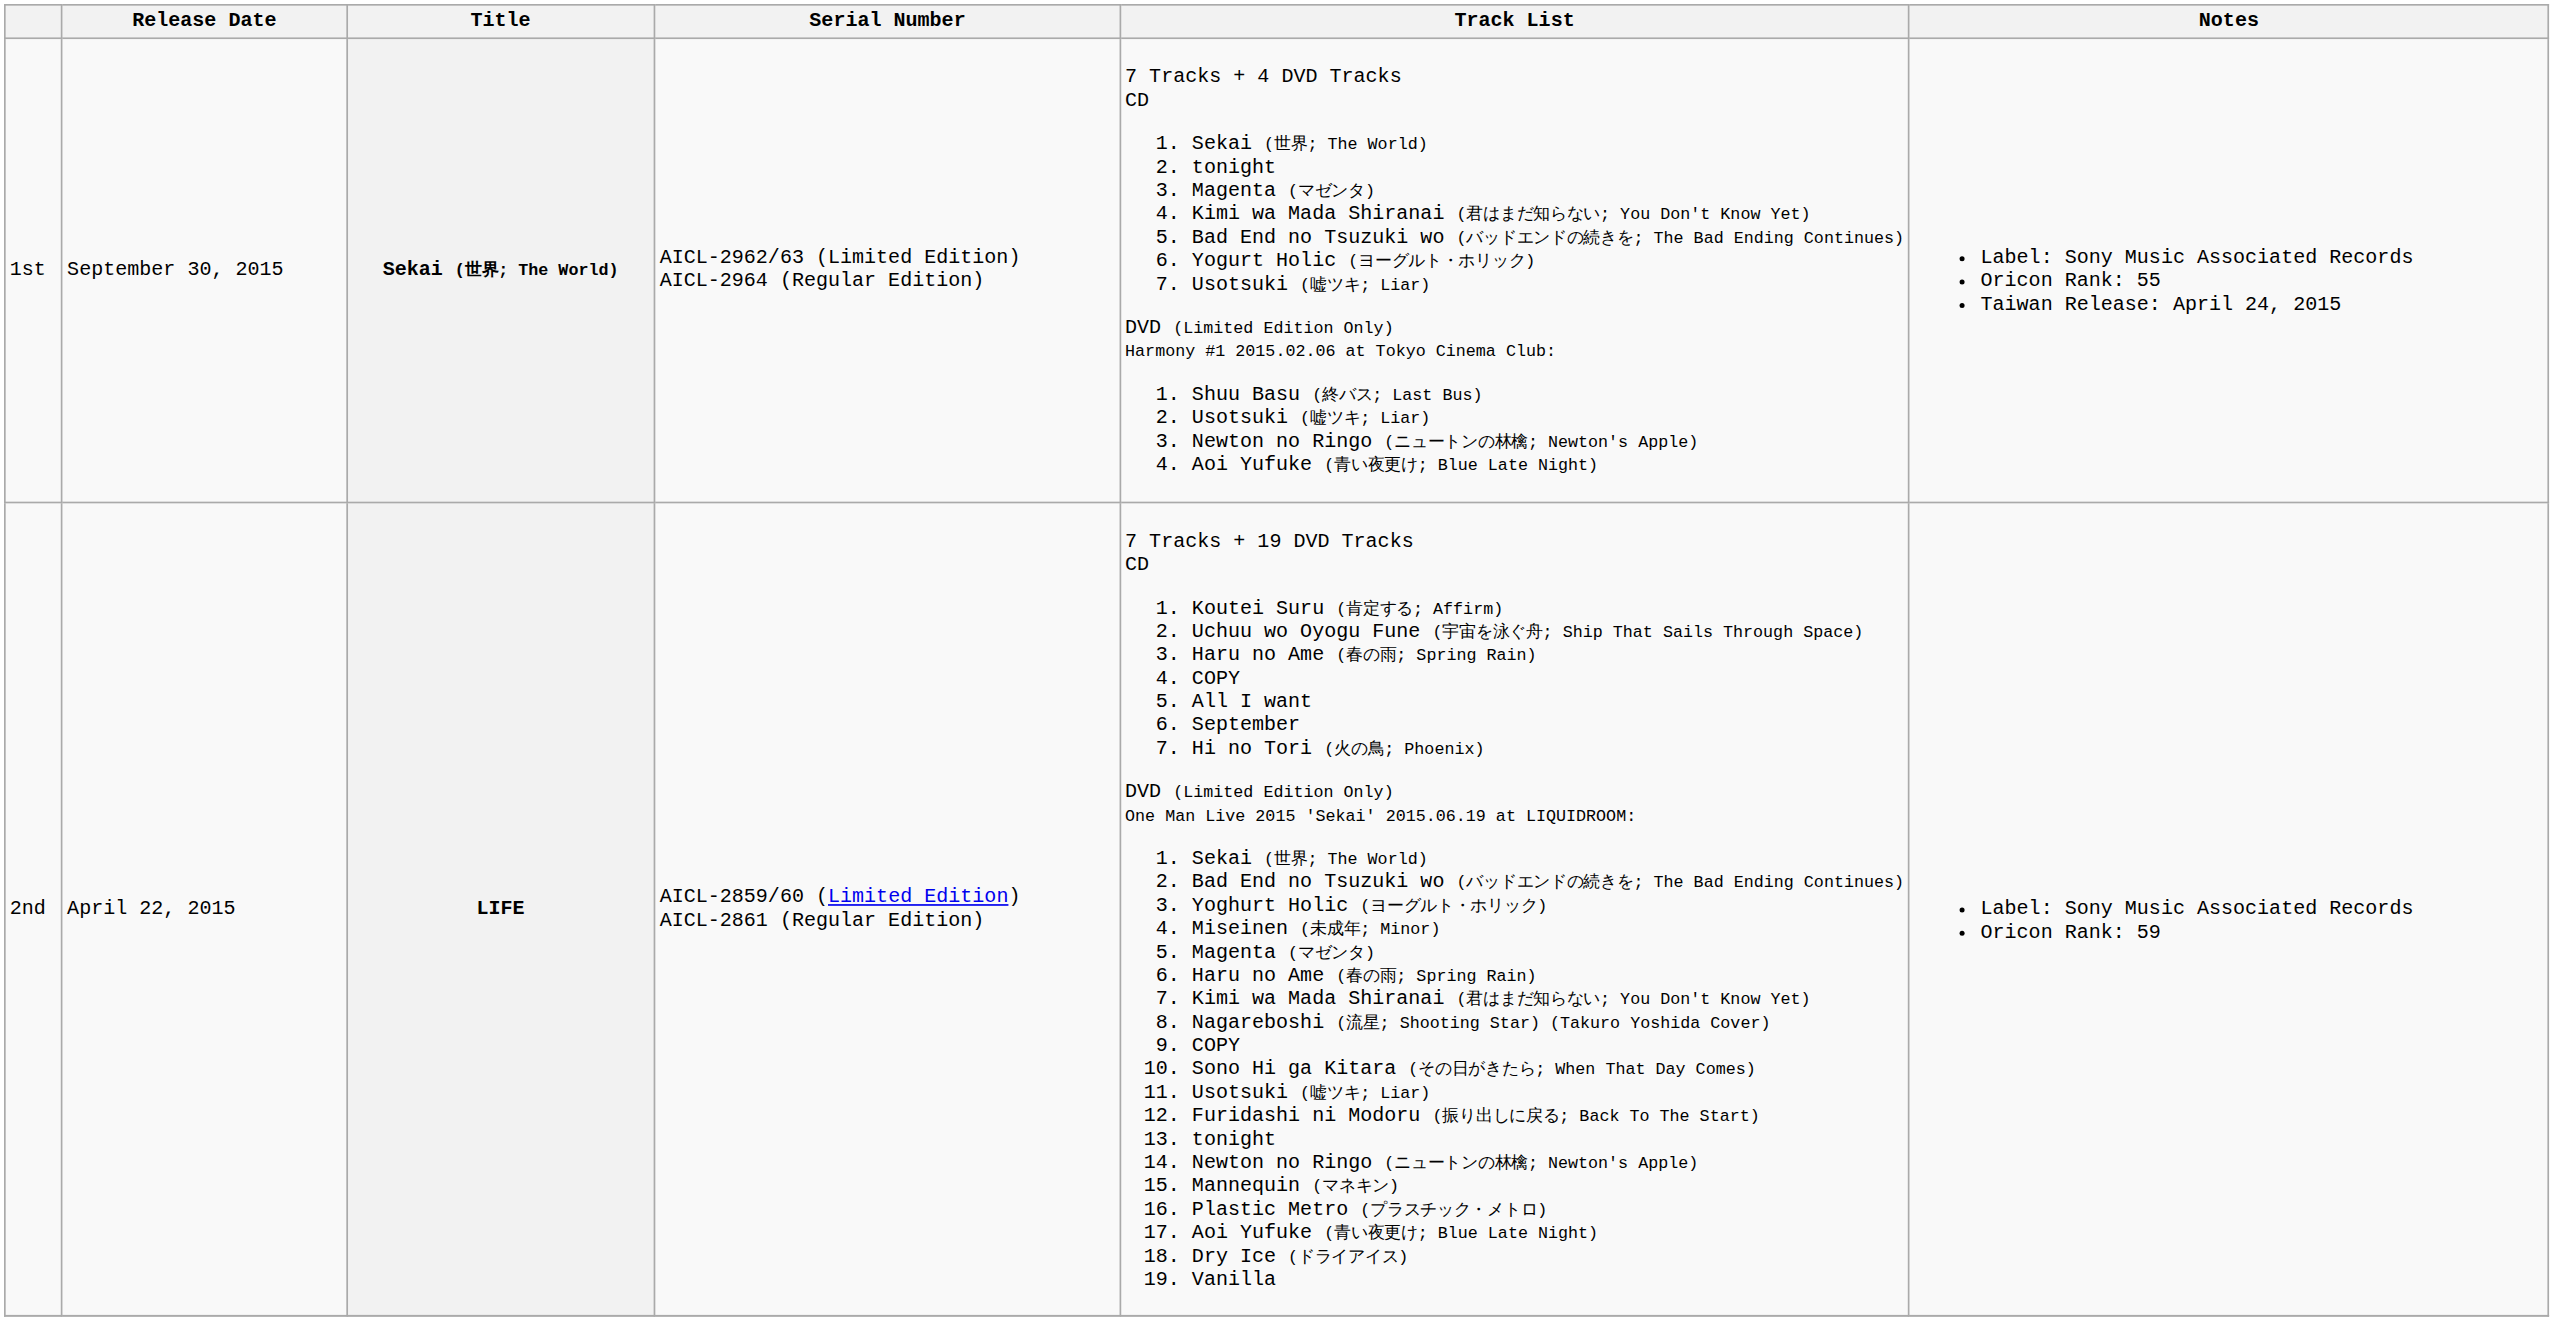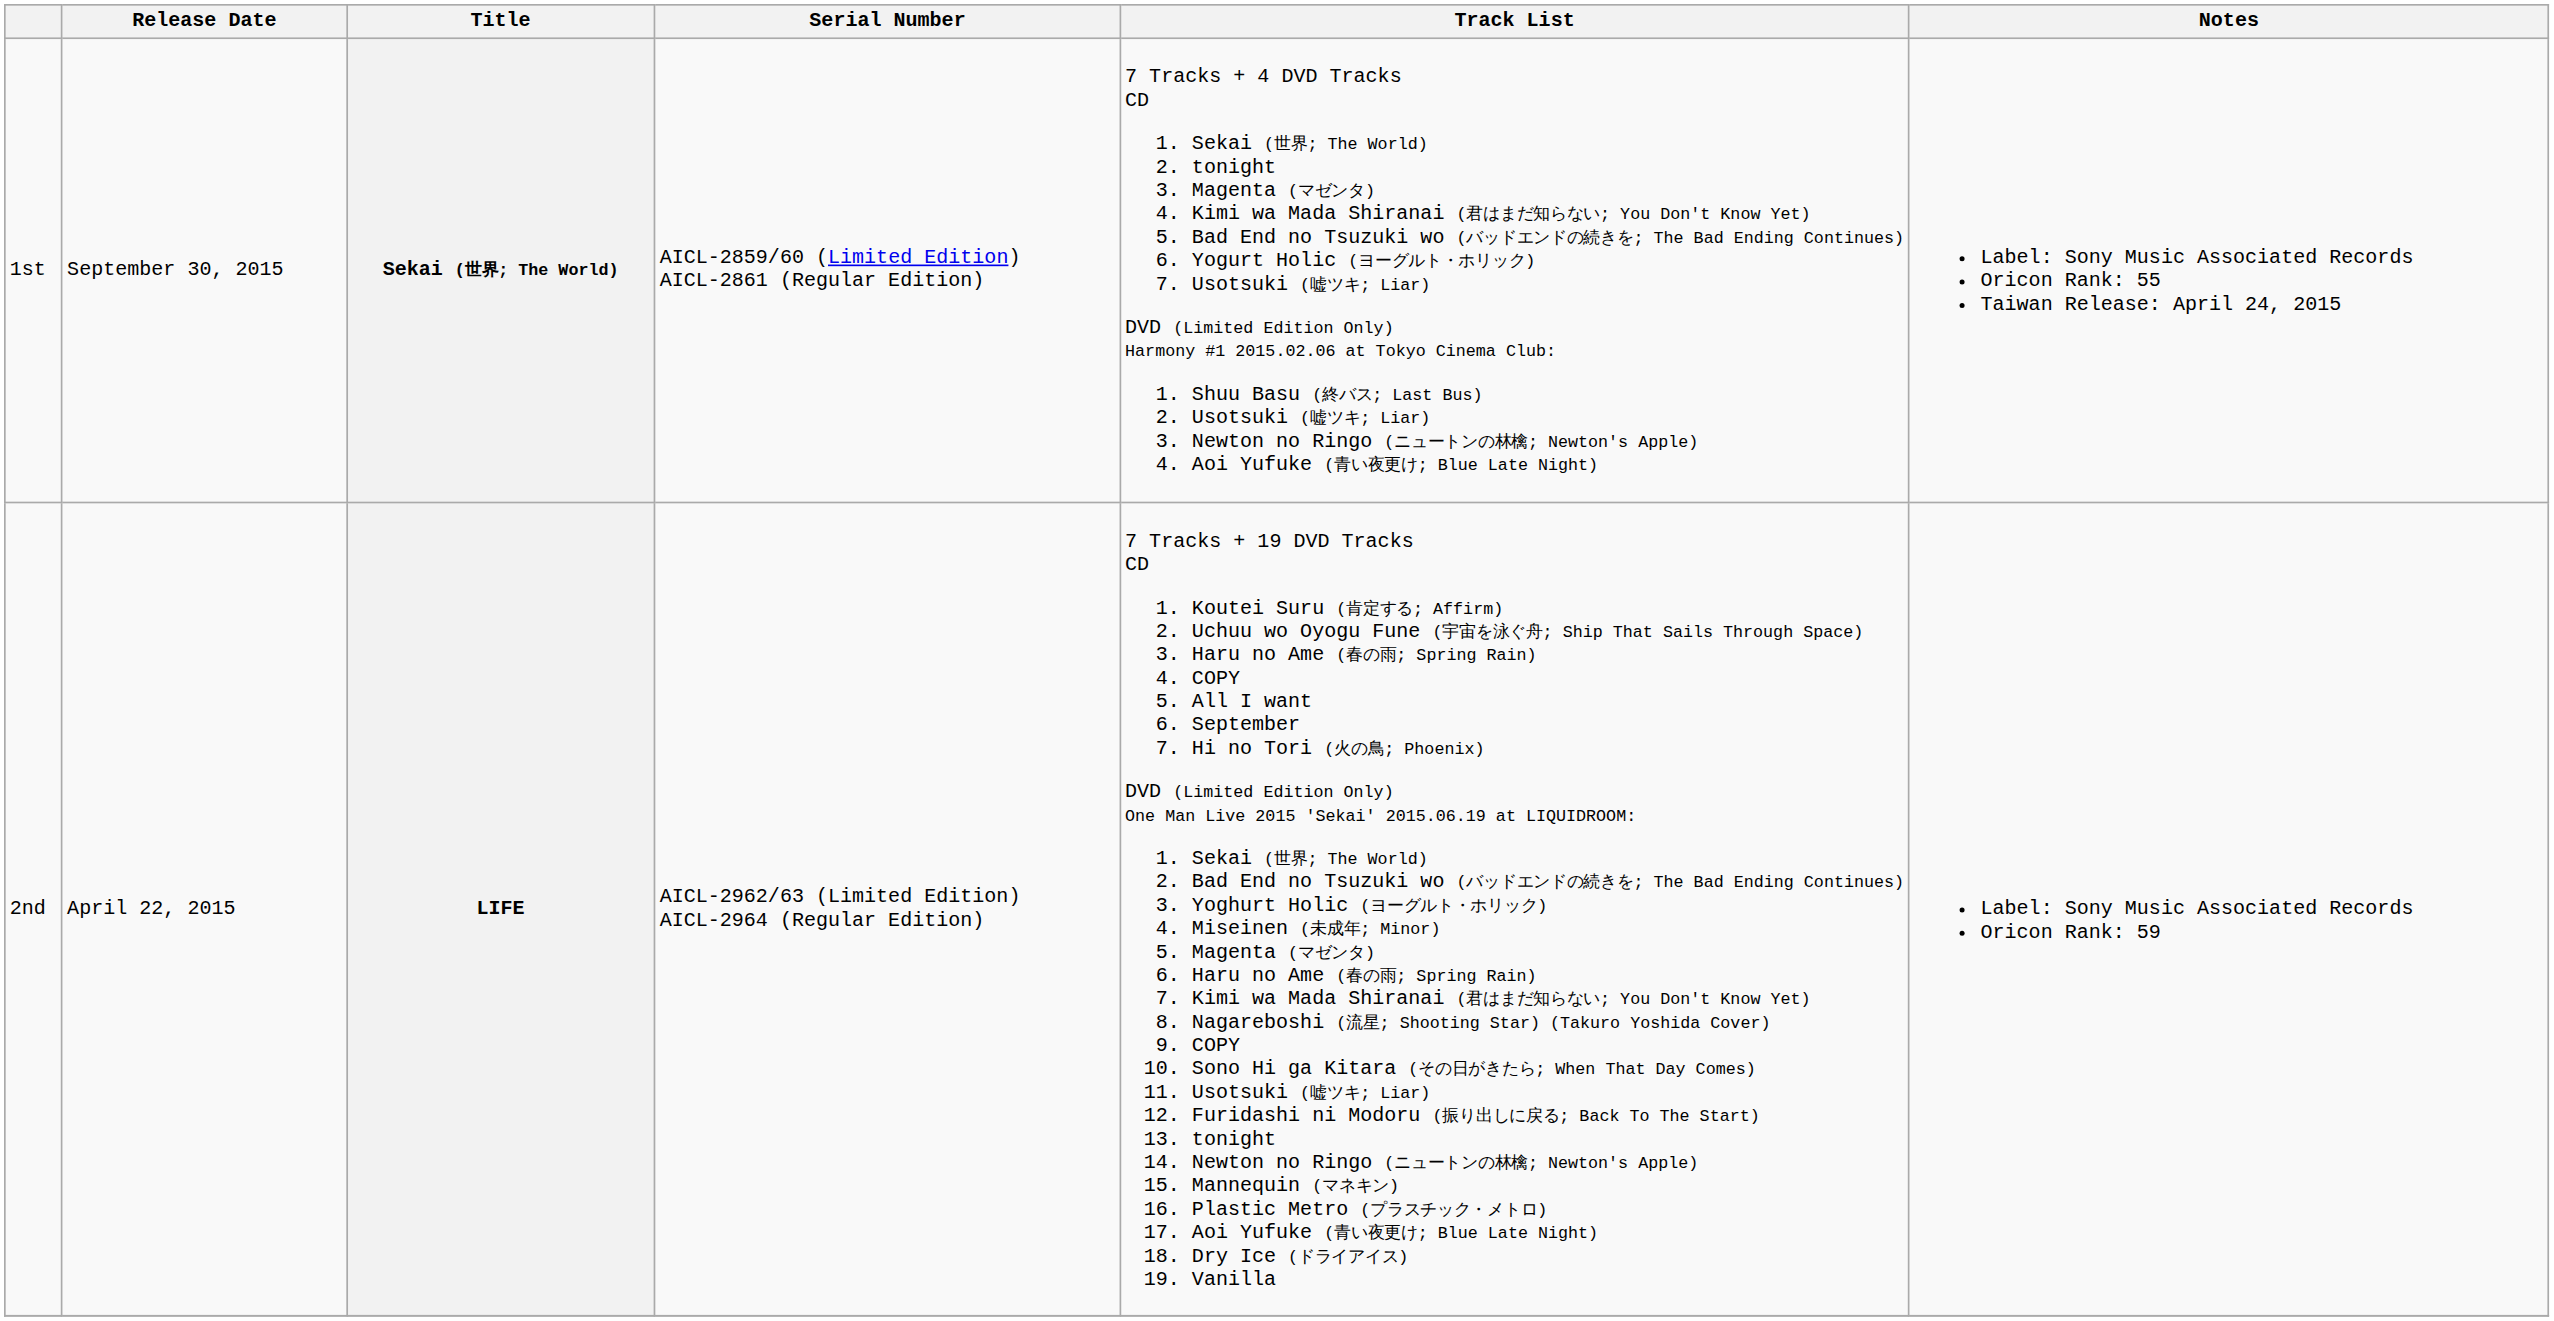 <table class="wikitable" style=font-size:small>
 <tr>
 <th> </th>
 <th>Release Date</th>
 <th>Title</th>
 <th>Serial Number</th>
 <th style="width:31%">Track List</th>
 <th>Notes</th>
 </tr>
 <tr>
 <td>1st</td>
 <td>September 30, 2015</td>
 <th>Sekai <small>(世界; The World)</small></th>
-<td>AICL-2962/63 (Limited Edition)<br>AICL-2964 (Regular Edition)</td>
+<td>AICL-2859/60 (<a href='#'>Limited Edition</a>)<br>AICL-2861 (Regular Edition)</td>
 <td><br>7 Tracks + 4 DVD Tracks<br>CD<ol><li>Sekai <small>(世界; The World)</small></li><li>tonight</li><li>Magenta <small>(マゼンタ)</small></li><li>Kimi wa Mada Shiranai <small>(君はまだ知らない; You Don't Know Yet)</small></li><li>Bad End no Tsuzuki wo <small>(バッドエンドの続きを; The Bad Ending Continues)</small></li><li>Yogurt Holic <small>(ヨーグルト・ホリック)</small></li><li>Usotsuki <small>(嘘ツキ; Liar)</small></li></ol>DVD <small>(Limited Edition Only)</small><br> <small>Harmony #1 2015.02.06 at Tokyo Cinema Club:</small><ol><li>Shuu Basu <small>(終バス; Last Bus)</small></li><li>Usotsuki <small>(嘘ツキ; Liar)</small></li><li>Newton no Ringo <small>(ニュートンの林檎; Newton's Apple)</small></li><li>Aoi Yufuke <small>(青い夜更け; Blue Late Night)</small></li></ol></td>
 <td><br><ul><li>Label: Sony Music Associated Records</li><li>Oricon Rank: 55</li><li>Taiwan Release: April 24, 2015</li></ul></td>
 </tr>
 <tr>
 <td>2nd</td>
 <td>April 22, 2015</td>
 <th>LIFE</th>
-<td>AICL-2859/60 (<a href='#'>Limited Edition</a>)<br>AICL-2861 (Regular Edition)</td>
+<td>AICL-2962/63 (Limited Edition)<br>AICL-2964 (Regular Edition)</td>
 <td><br>7 Tracks + 19 DVD Tracks<br>CD<ol><li>Koutei Suru <small>(肯定する; Affirm)</small></li><li>Uchuu wo Oyogu Fune <small>(宇宙を泳ぐ舟; Ship That Sails Through Space)</small></li><li>Haru no Ame <small>(春の雨; Spring Rain)</small></li><li>COPY</li><li>All I want</li><li>September</li><li>Hi no Tori <small>(火の鳥; Phoenix)</small></li></ol>DVD <small>(Limited Edition Only)</small><br> <small>One Man Live 2015 'Sekai' 2015.06.19 at LIQUIDROOM:</small><ol><li>Sekai <small>(世界; The World)</small></li><li>Bad End no Tsuzuki wo <small>(バッドエンドの続きを; The Bad Ending Continues)</small></li><li>Yoghurt Holic <small>(ヨーグルト・ホリック)</small></li><li>Miseinen <small>(未成年; Minor)</small></li><li>Magenta <small>(マゼンタ)</small></li><li>Haru no Ame <small>(春の雨; Spring Rain)</small></li><li>Kimi wa Mada Shiranai <small>(君はまだ知らない; You Don't Know Yet)</small></li><li>Nagareboshi <small>(流星; Shooting Star) (Takuro Yoshida Cover)</small></li><li>COPY</li><li>Sono Hi ga Kitara <small>(その日がきたら; When That Day Comes)</small></li><li>Usotsuki <small>(嘘ツキ; Liar)</small></li><li>Furidashi ni Modoru <small>(振り出しに戻る; Back To The Start)</small></li><li>tonight</li><li>Newton no Ringo <small>(ニュートンの林檎; Newton's Apple)</small></li><li>Mannequin <small>(マネキン)</small></li><li>Plastic Metro <small>(プラスチック・メトロ)</small></li><li>Aoi Yufuke <small>(青い夜更け; Blue Late Night)</small></li><li>Dry Ice <small>(ドライアイス)</small></li><li>Vanilla</li></ol></td>
 <td><br><ul><li>Label: Sony Music Associated Records</li><li>Oricon Rank: 59</li></ul></td>
 </tr>
 <tr>
 </tr>
 </table>
